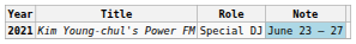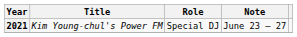 <table class="wikitable plainrowheaders sortable nowrap">
 <tr>
 <th scope="col">Year</th>
 <th scope="col">Title</th>
 <th scope="col">Role</th>
 <th scope="col">Note</th>
 <th scope="col" class="unsortable"></th>
 </tr>
 <tr>
 <th scope="row">2021</th>
 <td><em>Kim Young-chul's Power FM</em></td>
 <td>Special DJ</td>
-<td style="background: lightblue;">June 23 – 27</td>
+<td>June 23 – 27</td>
 <td></td>
 </tr>
 <tr>
 </tr>
 </table>
